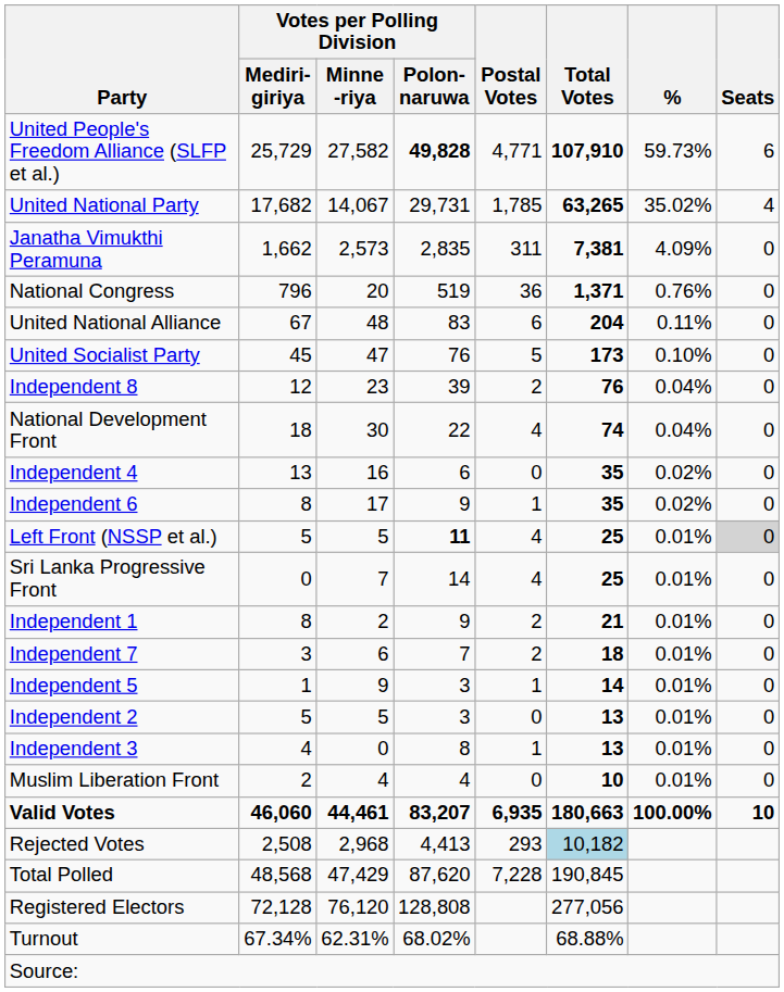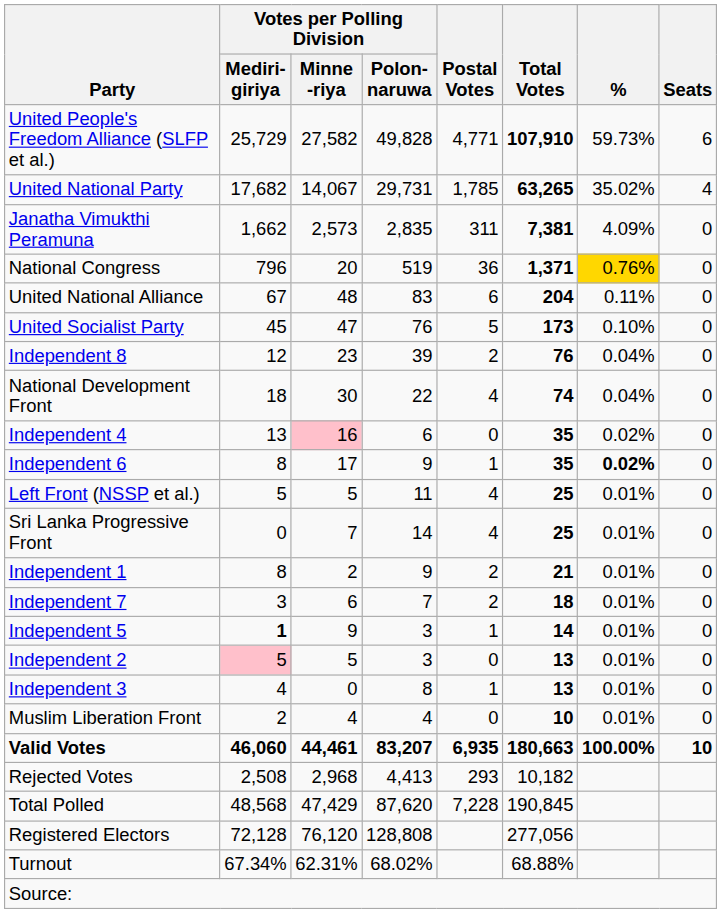 <table class="wikitable" border="1" style="text-align:right;">
 <tr>
 <th align=left valign=bottom rowspan=2 width="180">Party</th>
 <th colspan=3>Votes per Polling Division</th>
 <th align=center valign=bottom rowspan=2 width="50">Postal<br>Votes</th>
 <th align=center valign=bottom rowspan=2 width="50">Total Votes</th>
 <th align=center valign=bottom rowspan=2 width="50">%</th>
 <th align=center valign=bottom rowspan=2 width="40">Seats</th>
 </tr>
 <tr>
 <th align=center valign=bottom width="50">Mediri-<br>giriya</th>
 <th align=center valign=bottom width="50">Minne<br>-riya</th>
 <th align=center valign=bottom width="50">Polon-<br>naruwa</th>
 </tr>
 <tr>
 <td align=left><a href='#'>United People's Freedom Alliance</a> (<a href='#'>SLFP</a> et al.)</td>
 <td>25,729</td>
 <td>27,582</td>
-<td><strong>49,828</strong></td>
+<td>49,828</td>
 <td>4,771</td>
 <td><strong>107,910</strong></td>
 <td>59.73%</td>
 <td>6</td>
 </tr>
 <tr>
 <td align=left><a href='#'>United National Party</a></td>
 <td>17,682</td>
 <td>14,067</td>
 <td>29,731</td>
 <td>1,785</td>
 <td><strong>63,265</strong></td>
 <td>35.02%</td>
 <td>4</td>
 </tr>
 <tr>
 <td align=left><a href='#'>Janatha Vimukthi Peramuna</a></td>
 <td>1,662</td>
 <td>2,573</td>
 <td>2,835</td>
 <td>311</td>
 <td><strong>7,381</strong></td>
 <td>4.09%</td>
 <td>0</td>
 </tr>
 <tr>
 <td align=left>National Congress</td>
 <td>796</td>
 <td>20</td>
 <td>519</td>
 <td>36</td>
 <td><strong>1,371</strong></td>
-<td>0.76%</td>
+<td style="background: gold;">0.76%</td>
 <td>0</td>
 </tr>
 <tr>
 <td align=left>United National Alliance</td>
 <td>67</td>
 <td>48</td>
 <td>83</td>
 <td>6</td>
 <td><strong>204</strong></td>
 <td>0.11%</td>
 <td>0</td>
 </tr>
 <tr>
 <td align=left><a href='#'>United Socialist Party</a></td>
 <td>45</td>
 <td>47</td>
 <td>76</td>
 <td>5</td>
 <td><strong>173</strong></td>
 <td>0.10%</td>
 <td>0</td>
 </tr>
 <tr>
 <td align=left><a href='#'>Independent 8</a></td>
 <td>12</td>
 <td>23</td>
 <td>39</td>
 <td>2</td>
 <td><strong>76</strong></td>
 <td>0.04%</td>
 <td>0</td>
 </tr>
 <tr>
 <td align=left>National Development Front</td>
 <td>18</td>
 <td>30</td>
 <td>22</td>
 <td>4</td>
 <td><strong>74</strong></td>
 <td>0.04%</td>
 <td>0</td>
 </tr>
 <tr>
 <td align=left><a href='#'>Independent 4</a></td>
 <td>13</td>
-<td>16</td>
+<td style="background: pink;">16</td>
 <td>6</td>
 <td>0</td>
 <td><strong>35</strong></td>
 <td>0.02%</td>
 <td>0</td>
 </tr>
 <tr>
 <td align=left><a href='#'>Independent 6</a></td>
 <td>8</td>
 <td>17</td>
 <td>9</td>
 <td>1</td>
 <td><strong>35</strong></td>
-<td>0.02%</td>
+<td><strong>0.02%</strong></td>
 <td>0</td>
 </tr>
 <tr>
 <td align=left><a href='#'>Left Front</a> (<a href='#'>NSSP</a> et al.)</td>
 <td>5</td>
 <td>5</td>
-<td><strong>11</strong></td>
+<td>11</td>
 <td>4</td>
 <td><strong>25</strong></td>
 <td>0.01%</td>
-<td style="background: lightgrey;">0</td>
+<td>0</td>
 </tr>
 <tr>
 <td align=left>Sri Lanka Progressive Front</td>
 <td>0</td>
 <td>7</td>
 <td>14</td>
 <td>4</td>
 <td><strong>25</strong></td>
 <td>0.01%</td>
 <td>0</td>
 </tr>
 <tr>
 <td align=left><a href='#'>Independent 1</a></td>
 <td>8</td>
 <td>2</td>
 <td>9</td>
 <td>2</td>
 <td><strong>21</strong></td>
 <td>0.01%</td>
 <td>0</td>
 </tr>
 <tr>
 <td align=left><a href='#'>Independent 7</a></td>
 <td>3</td>
 <td>6</td>
 <td>7</td>
 <td>2</td>
 <td><strong>18</strong></td>
 <td>0.01%</td>
 <td>0</td>
 </tr>
 <tr>
 <td align=left><a href='#'>Independent 5</a></td>
-<td>1</td>
+<td><strong>1</strong></td>
 <td>9</td>
 <td>3</td>
 <td>1</td>
 <td><strong>14</strong></td>
 <td>0.01%</td>
 <td>0</td>
 </tr>
 <tr>
 <td align=left><a href='#'>Independent 2</a></td>
-<td>5</td>
+<td style="background: pink;">5</td>
 <td>5</td>
 <td>3</td>
 <td>0</td>
 <td><strong>13</strong></td>
 <td>0.01%</td>
 <td>0</td>
 </tr>
 <tr>
 <td align=left><a href='#'>Independent 3</a></td>
 <td>4</td>
 <td>0</td>
 <td>8</td>
 <td>1</td>
 <td><strong>13</strong></td>
 <td>0.01%</td>
 <td>0</td>
 </tr>
 <tr>
 <td align=left>Muslim Liberation Front</td>
 <td>2</td>
 <td>4</td>
 <td>4</td>
 <td>0</td>
 <td><strong>10</strong></td>
 <td>0.01%</td>
 <td>0</td>
 </tr>
 <tr>
 <td align=left><strong>Valid Votes</strong></td>
 <td><strong>46,060</strong></td>
 <td><strong>44,461</strong></td>
 <td><strong>83,207</strong></td>
 <td><strong>6,935</strong></td>
 <td><strong>180,663</strong></td>
 <td><strong>100.00%</strong></td>
 <td><strong>10</strong></td>
 </tr>
 <tr>
 <td align=left>Rejected Votes</td>
 <td>2,508</td>
 <td>2,968</td>
 <td>4,413</td>
 <td>293</td>
-<td style="background: lightblue;">10,182</td>
+<td>10,182</td>
 <td></td>
 <td></td>
 </tr>
 <tr>
 <td align=left>Total Polled</td>
 <td>48,568</td>
 <td>47,429</td>
 <td>87,620</td>
 <td>7,228</td>
 <td>190,845</td>
 <td></td>
 <td></td>
 </tr>
 <tr>
 <td align=left>Registered Electors</td>
 <td>72,128</td>
 <td>76,120</td>
 <td>128,808</td>
 <td></td>
 <td>277,056</td>
 <td></td>
 <td></td>
 </tr>
 <tr>
 <td align=left>Turnout</td>
 <td>67.34%</td>
 <td>62.31%</td>
 <td>68.02%</td>
 <td></td>
 <td>68.88%</td>
 <td></td>
 <td></td>
 </tr>
 <tr>
 <td align=left colspan=9>Source:</td>
 </tr>
 </table>
